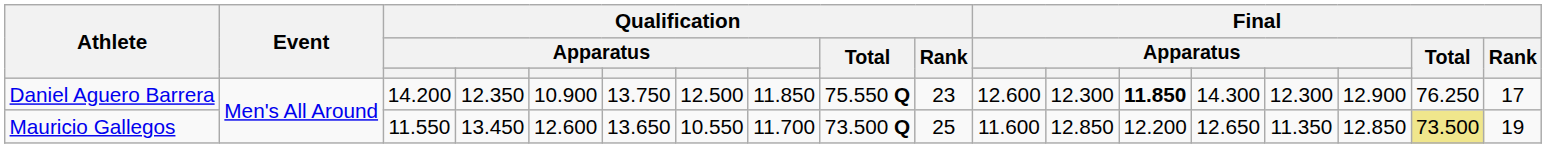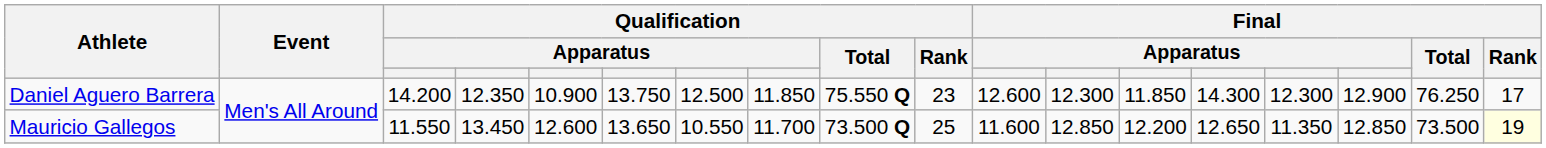 <table class="wikitable" style="font-size:90%">
 <tr>
 <th rowspan=3>Athlete</th>
 <th rowspan=3>Event</th>
 <th colspan =8>Qualification</th>
 <th colspan =8>Final</th>
 </tr>
 <tr style="font-size:95%">
 <th colspan=6>Apparatus</th>
 <th rowspan=2>Total</th>
 <th rowspan=2>Rank</th>
 <th colspan=6>Apparatus</th>
 <th rowspan=2>Total</th>
 <th rowspan=2>Rank</th>
 </tr>
 <tr style="font-size:95%">
 <th></th>
 <th></th>
 <th></th>
 <th></th>
 <th></th>
 <th></th>
 <th></th>
 <th></th>
 <th></th>
 <th></th>
 <th></th>
 <th></th>
 </tr>
 <tr align=center>
 <td align=left><a href='#'>Daniel Aguero Barrera</a></td>
 <td style="text-align:left;" rowspan="2"><a href='#'>Men's All Around</a></td>
 <td>14.200</td>
 <td>12.350</td>
 <td>10.900</td>
 <td>13.750</td>
 <td>12.500</td>
 <td>11.850</td>
 <td>75.550 <strong>Q</strong></td>
 <td>23</td>
 <td>12.600</td>
 <td>12.300</td>
-<td><strong>11.850</strong></td>
+<td>11.850</td>
 <td>14.300</td>
 <td>12.300</td>
 <td>12.900</td>
 <td>76.250</td>
 <td>17</td>
 </tr>
 <tr align=center>
 <td align=left><a href='#'>Mauricio Gallegos</a></td>
 <td>11.550</td>
 <td>13.450</td>
 <td>12.600</td>
 <td>13.650</td>
 <td>10.550</td>
 <td>11.700</td>
 <td>73.500 <strong>Q</strong></td>
 <td>25</td>
 <td>11.600</td>
 <td>12.850</td>
 <td>12.200</td>
 <td>12.650</td>
 <td>11.350</td>
 <td>12.850</td>
-<td style="background: khaki;">73.500</td>
-<td>19</td>
+<td>73.500</td>
+<td style="background: lightyellow;">19</td>
 </tr>
 </table>
